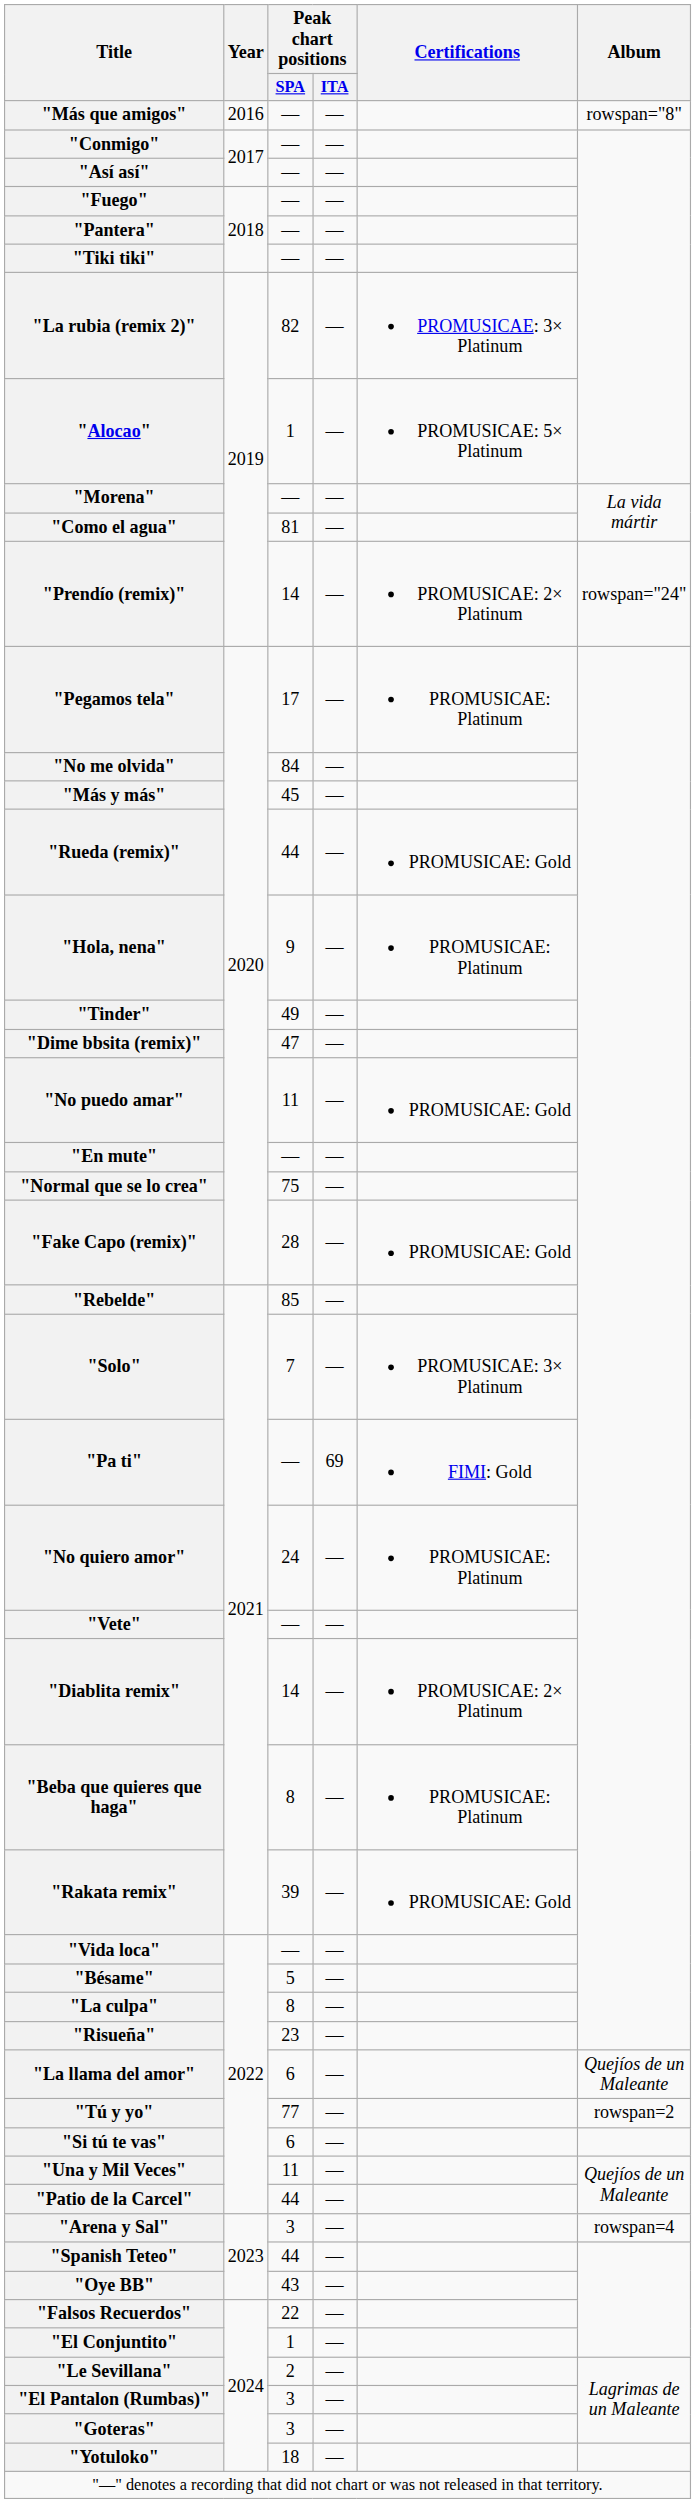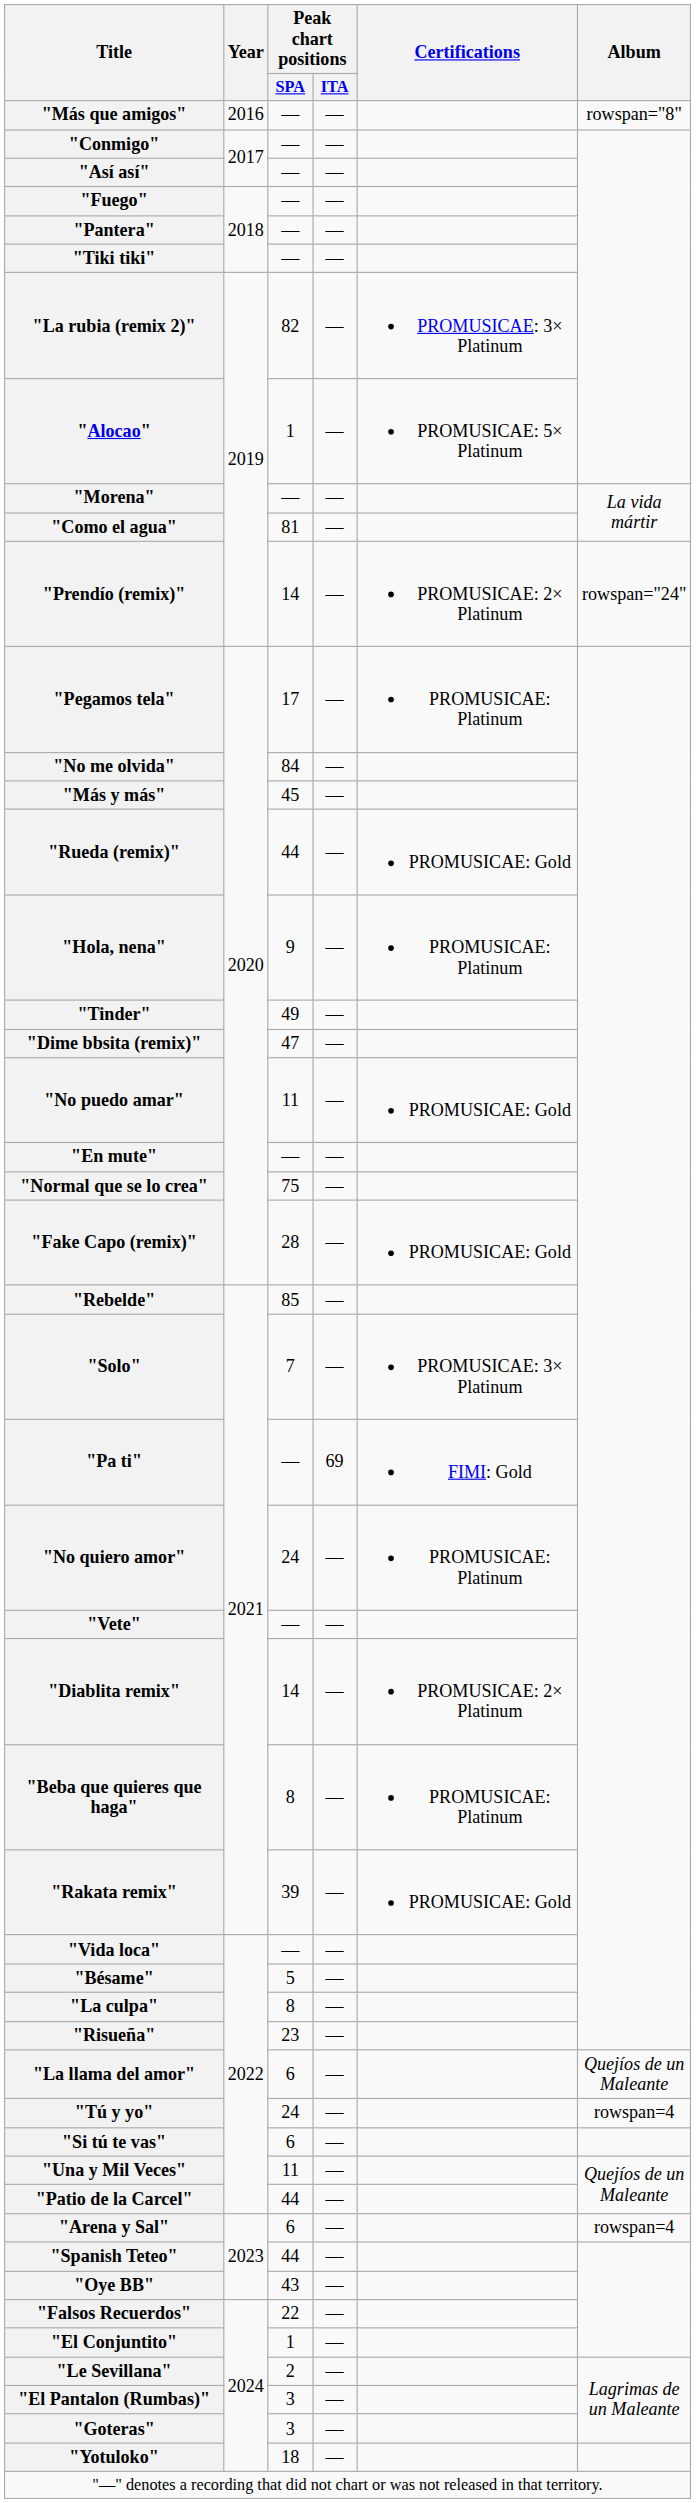 <table class="wikitable plainrowheaders" style="text-align:center;">
 <tr>
 <th scope="col" rowspan="2" style="width:16em">Title</th>
 <th scope="col" rowspan="2" style="width:1em">Year</th>
 <th scope="col" colspan="2">Peak chart positions</th>
 <th scope="col" rowspan="2" style="width:13.5em"><a href='#'>Certifications</a></th>
 <th scope="col" rowspan="2">Album</th>
 </tr>
 <tr>
 <th scope="col" style="width:2.5em;font-size:90%"><a href='#'>SPA</a><br></th>
 <th scope="col" style="width:2.5em;font-size:90%"><a href='#'>ITA</a><br></th>
 </tr>
 <tr>
 <th scope="row">"Más que amigos"<br></th>
 <td>2016</td>
 <td>—</td>
 <td>—</td>
 <td></td>
 <td>rowspan="8"  </td>
 </tr>
 <tr>
 <th scope="row">"Conmigo"<br></th>
 <td rowspan="2">2017</td>
 <td>—</td>
 <td>—</td>
 <td></td>
 </tr>
 <tr>
 <th scope="row">"Así así"<br></th>
 <td>—</td>
 <td>—</td>
 <td></td>
 </tr>
 <tr>
 <th scope="row">"Fuego"<br></th>
 <td rowspan="3">2018</td>
 <td>—</td>
 <td>—</td>
 <td></td>
 </tr>
 <tr>
 <th scope="row">"Pantera"<br></th>
 <td>—</td>
 <td>—</td>
 <td></td>
 </tr>
 <tr>
 <th scope="row">"Tiki tiki"<br></th>
 <td>—</td>
 <td>—</td>
 <td></td>
 </tr>
 <tr>
 <th scope="row">"La rubia (remix 2)"<br></th>
 <td rowspan="5">2019</td>
 <td>82</td>
 <td>—</td>
 <td><br><ul><li><a href='#'>PROMUSICAE</a>: 3× Platinum</li></ul></td>
 </tr>
 <tr>
 <th scope="row">"<a href='#'>Alocao</a>"<br></th>
 <td>1</td>
 <td>—</td>
 <td><br><ul><li>PROMUSICAE: 5× Platinum</li></ul></td>
 </tr>
 <tr>
 <th scope="row">"Morena"</th>
 <td>—</td>
 <td>—</td>
 <td></td>
 <td rowspan="2"><em>La vida mártir</em></td>
 </tr>
 <tr>
 <th scope="row">"Como el agua"<br></th>
 <td>81</td>
 <td>—</td>
 <td></td>
 </tr>
 <tr>
 <th scope="row">"Prendío (remix)"<br></th>
 <td>14</td>
 <td>—</td>
 <td><br><ul><li>PROMUSICAE: 2× Platinum</li></ul></td>
 <td>rowspan="24" </td>
 </tr>
 <tr>
 <th scope="row">"Pegamos tela"<br></th>
 <td rowspan="11">2020</td>
 <td>17</td>
 <td>—</td>
 <td><br><ul><li>PROMUSICAE: Platinum</li></ul></td>
 </tr>
 <tr>
 <th scope="row">"No me olvida"<br></th>
 <td>84</td>
 <td>—</td>
 <td></td>
 </tr>
 <tr>
 <th scope="row">"Más y más"<br></th>
 <td>45</td>
 <td>—</td>
 <td></td>
 </tr>
 <tr>
 <th scope="row">"Rueda (remix)"<br></th>
 <td>44</td>
 <td>—</td>
 <td><br><ul><li>PROMUSICAE: Gold</li></ul></td>
 </tr>
 <tr>
 <th scope="row">"Hola, nena"<br></th>
 <td>9</td>
 <td>—</td>
 <td><br><ul><li>PROMUSICAE: Platinum</li></ul></td>
 </tr>
 <tr>
 <th scope="row">"Tinder"<br></th>
 <td>49</td>
 <td>—</td>
 <td></td>
 </tr>
 <tr>
 <th scope="row">"Dime bbsita (remix)"<br></th>
 <td>47</td>
 <td>—</td>
 <td></td>
 </tr>
 <tr>
 <th scope="row">"No puedo amar"<br></th>
 <td>11</td>
 <td>—</td>
 <td><br><ul><li>PROMUSICAE: Gold</li></ul></td>
 </tr>
 <tr>
 <th scope="row">"En mute"<br></th>
 <td>—</td>
 <td>—</td>
 <td></td>
 </tr>
 <tr>
 <th scope="row">"Normal que se lo crea"<br></th>
 <td>75</td>
 <td>—</td>
 <td></td>
 </tr>
 <tr>
 <th scope="row">"Fake Capo (remix)"<br></th>
 <td>28</td>
 <td>—</td>
 <td><br><ul><li>PROMUSICAE: Gold</li></ul></td>
 </tr>
 <tr>
 <th scope="row">"Rebelde"<br></th>
 <td rowspan="8">2021</td>
 <td>85</td>
 <td>—</td>
 <td></td>
 </tr>
 <tr>
 <th scope="row">"Solo"<br></th>
 <td>7</td>
 <td>—</td>
 <td><br><ul><li>PROMUSICAE: 3× Platinum</li></ul></td>
 </tr>
 <tr>
 <th scope="row">"Pa ti"<br></th>
 <td>—</td>
 <td>69</td>
 <td><br><ul><li><a href='#'>FIMI</a>: Gold</li></ul></td>
 </tr>
 <tr>
 <th scope="row">"No quiero amor"<br></th>
 <td>24</td>
 <td>—</td>
 <td><br><ul><li>PROMUSICAE: Platinum</li></ul></td>
 </tr>
 <tr>
 <th scope="row">"Vete"<br></th>
 <td>—</td>
 <td>—</td>
 <td></td>
 </tr>
 <tr>
 <th scope="row">"Diablita remix"<br></th>
 <td>14</td>
 <td>—</td>
 <td><br><ul><li>PROMUSICAE: 2× Platinum</li></ul></td>
 </tr>
 <tr>
 <th scope="row">"Beba que quieres que haga"<br></th>
 <td>8</td>
 <td>—</td>
 <td><br><ul><li>PROMUSICAE: Platinum</li></ul></td>
 </tr>
 <tr>
 <th scope="row">"Rakata remix"<br></th>
 <td>39</td>
 <td>—</td>
 <td><br><ul><li>PROMUSICAE: Gold </li></ul></td>
 </tr>
 <tr>
 <th scope="row">"Vida loca"<br></th>
 <td rowspan="9">2022</td>
 <td>—</td>
 <td>—</td>
 <td></td>
 </tr>
 <tr>
 <th scope="row">"Bésame"<br></th>
 <td>5</td>
 <td>—</td>
 <td></td>
 </tr>
 <tr>
 <th scope="row">"La culpa"<br></th>
 <td>8</td>
 <td>—</td>
 <td></td>
 </tr>
 <tr>
 <th scope="row">"Risueña"<br></th>
 <td>23</td>
 <td>—</td>
 <td></td>
 </tr>
 <tr>
 <th scope="row">"La llama del amor"<br></th>
 <td>6</td>
 <td>—</td>
 <td></td>
 <td><em>Quejíos de un Maleante</em></td>
 </tr>
 <tr>
 <th scope="row">"Tú y yo"<br></th>
-<td>77</td>
+<td>24</td>
 <td>—</td>
 <td></td>
-<td>rowspan=2</td>
+<td>rowspan=4</td>
 </tr>
 <tr>
 <th scope="row">"Si tú te vas"<br></th>
 <td>6</td>
 <td>—</td>
 <td></td>
 </tr>
 <tr>
 <th scope="row">"Una y Mil Veces"<br></th>
 <td>11</td>
 <td>—</td>
 <td></td>
 <td rowspan=2><em>Quejíos de un Maleante</em></td>
 </tr>
 <tr>
 <th scope="row">"Patio de la Carcel"<br></th>
 <td>44</td>
 <td>—</td>
 <td></td>
 </tr>
 <tr>
 <th scope="row">"Arena y Sal"<br></th>
 <td rowspan=3>2023</td>
-<td>3</td>
+<td>6</td>
 <td>—</td>
 <td></td>
 <td>rowspan=4</td>
 </tr>
 <tr>
 <th scope="row">"Spanish Teteo"<br></th>
 <td>44</td>
 <td>—</td>
 <td></td>
 </tr>
 <tr>
 <th scope="row">"Oye BB"<br></th>
 <td>43</td>
 <td>—</td>
 <td></td>
 </tr>
 <tr>
 <th scope="row">"Falsos Recuerdos"<br></th>
 <td rowspan=6>2024</td>
 <td>22</td>
 <td>—</td>
 <td></td>
 </tr>
 <tr>
 <th scope="row">"El Conjuntito"<br></th>
 <td>1</td>
 <td>—</td>
 <td></td>
 </tr>
 <tr>
 <th scope="row">"Le Sevillana"</th>
 <td>2</td>
 <td>—</td>
 <td></td>
 <td rowspan=3><em>Lagrimas de un Maleante</em></td>
 </tr>
 <tr>
 <th scope="row">"El Pantalon (Rumbas)" <br></th>
 <td>3</td>
 <td>—</td>
 <td></td>
 </tr>
 <tr>
 <th scope="row">"Goteras" <br></th>
 <td>3</td>
 <td>—</td>
 <td></td>
 </tr>
 <tr>
 <th scope="row">"Yotuloko" <br></th>
 <td>18</td>
 <td>—</td>
 <td></td>
 </tr>
 <tr>
 <td colspan="6" style="font-size:90%">"—" denotes a recording that did not chart or was not released in that territory.</td>
 </tr>
 </table>
